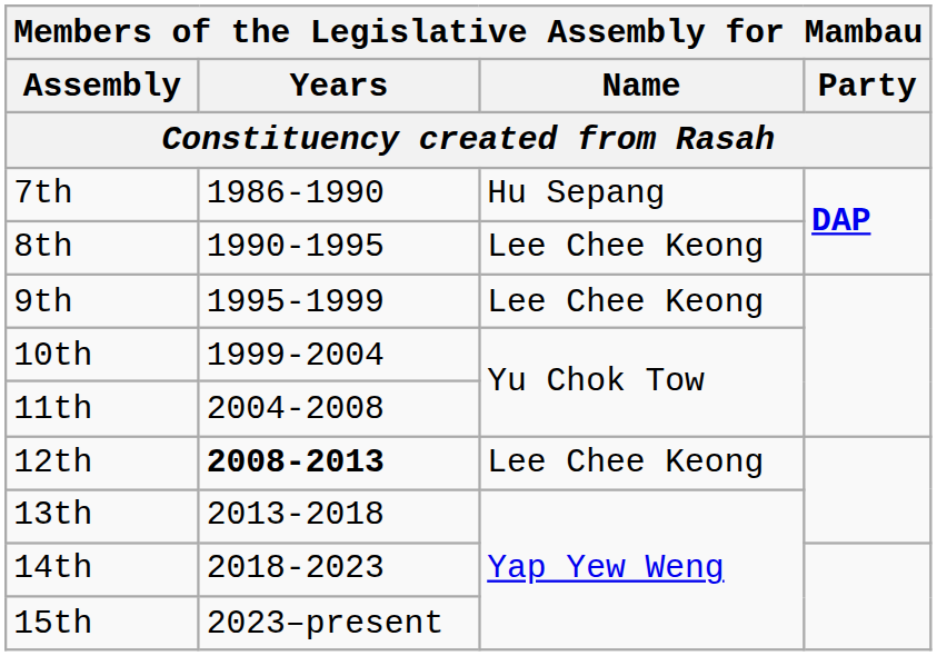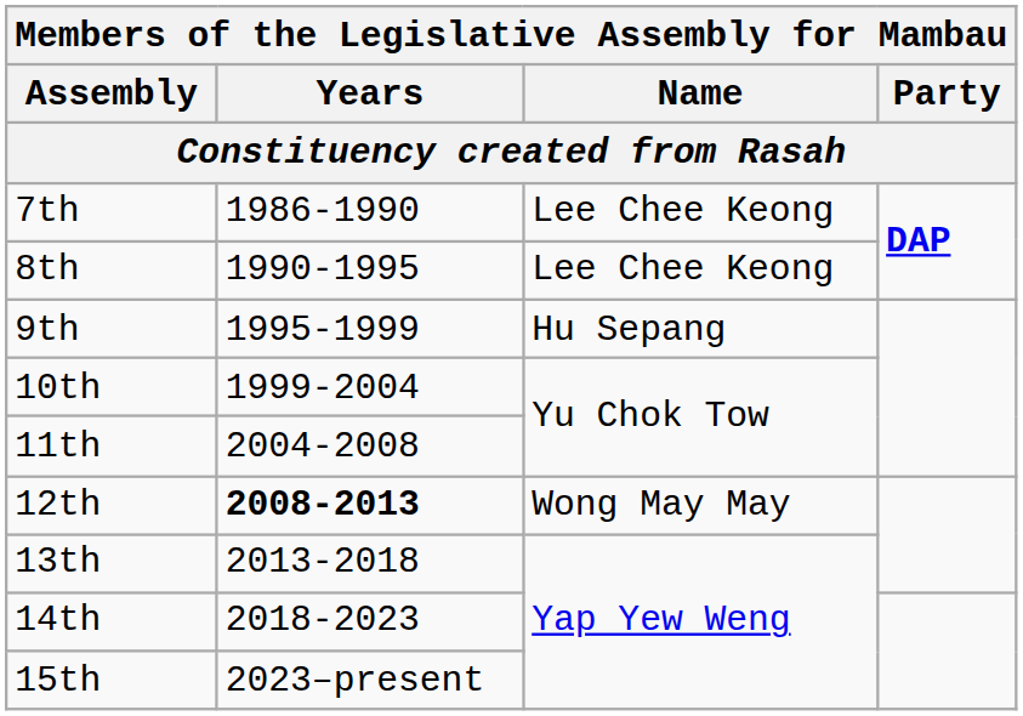 <table class="wikitable">
 <tr>
 <th colspan="4">Members of the Legislative Assembly for Mambau</th>
 </tr>
 <tr>
 <th>Assembly</th>
 <th>Years</th>
 <th>Name</th>
 <th>Party</th>
 </tr>
 <tr>
 <th colspan="4"><em>Constituency created from Rasah</em></th>
 </tr>
 <tr>
 <td>7th</td>
 <td>1986-1990</td>
-<td>Hu Sepang</td>
+<td>Lee Chee Keong</td>
 <td rowspan="2"><strong><a href='#'>DAP</a></strong></td>
 </tr>
 <tr>
 <td>8th</td>
 <td>1990-1995</td>
 <td>Lee Chee Keong</td>
 </tr>
 <tr>
 <td>9th</td>
 <td>1995-1999</td>
-<td>Lee Chee Keong</td>
+<td>Hu Sepang</td>
 <td rowspan="3"></td>
 </tr>
 <tr>
 <td>10th</td>
 <td>1999-2004</td>
 <td rowspan="2">Yu Chok Tow</td>
 </tr>
 <tr>
 <td>11th</td>
 <td>2004-2008</td>
 </tr>
 <tr>
 <td>12th</td>
 <td><strong>2008-2013</strong></td>
-<td>Lee Chee Keong</td>
+<td>Wong May May</td>
 <td rowspan="2"></td>
 </tr>
 <tr>
 <td>13th</td>
 <td>2013-2018</td>
 <td rowspan="3"><a href='#'>Yap Yew Weng</a></td>
 </tr>
 <tr>
 <td>14th</td>
 <td>2018-2023</td>
 <td rowspan=2></td>
 </tr>
 <tr>
 <td>15th</td>
 <td>2023–present</td>
 </tr>
 </table>
